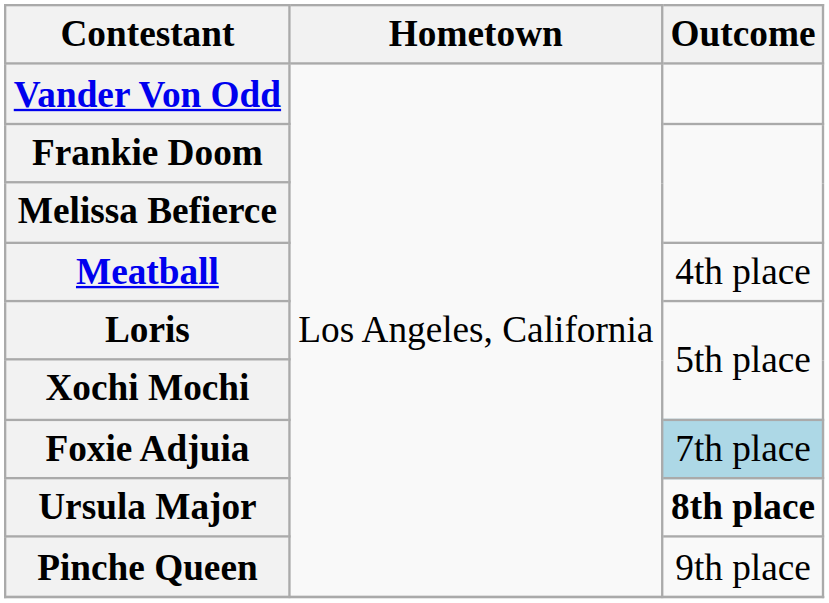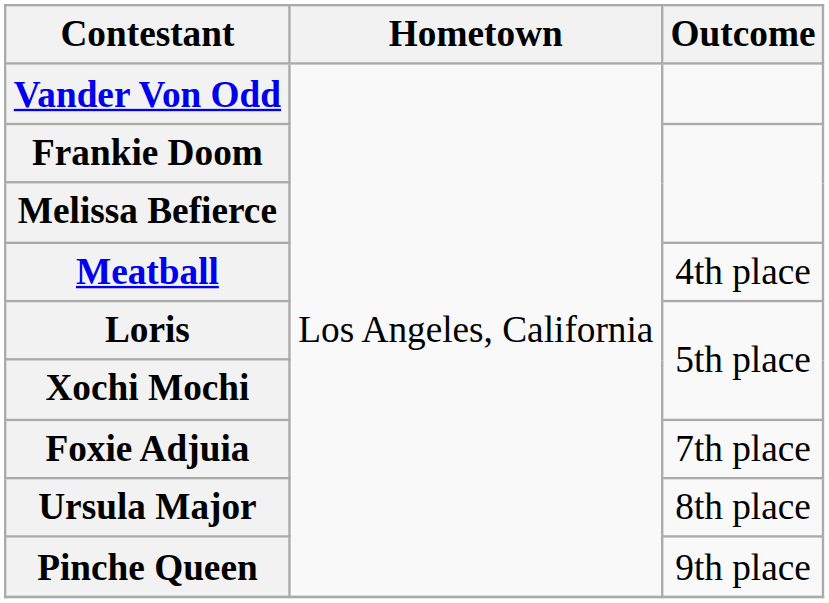 <table class="wikitable sortable" style="text-align:center">
 <tr>
 <th scope="col">Contestant</th>
 <th scope="col">Hometown</th>
 <th scope="col">Outcome</th>
 </tr>
 <tr>
 <th scope="row"><a href='#'>Vander Von Odd</a></th>
 <td rowspan="9">Los Angeles, California</td>
 <td></td>
 </tr>
 <tr>
 <th scope="row">Frankie Doom</th>
 <td rowspan="2"></td>
 </tr>
 <tr>
 <th scope="row" nowrap>Melissa Befierce</th>
 </tr>
 <tr>
 <th scope="row"><a href='#'>Meatball</a></th>
 <td>4th place</td>
 </tr>
 <tr>
 <th scope="row">Loris</th>
 <td rowspan="2">5th place</td>
 </tr>
 <tr>
 <th scope="row">Xochi Mochi</th>
 </tr>
 <tr>
 <th scope="row">Foxie Adjuia</th>
-<td style="background: lightblue;">7th place</td>
+<td>7th place</td>
 </tr>
 <tr>
 <th scope="row">Ursula Major</th>
-<td><strong>8th place</strong></td>
+<td>8th place</td>
 </tr>
 <tr>
 <th scope="row">Pinche Queen</th>
 <td>9th place</td>
 </tr>
 <tr>
 </tr>
 </table>
